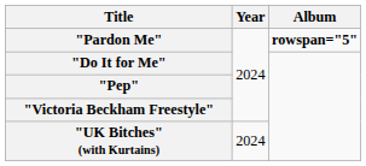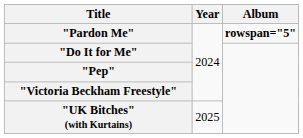 <table class="wikitable plainrowheaders" style="text-align:center;">
 <tr>
 <th scope="col" style="width:15em;">Title</th>
 <th scope="col">Year</th>
 <th scope="col">Album</th>
 </tr>
 <tr>
 <th scope="row">"Pardon Me"</th>
 <td rowspan="4">2024</td>
 <td><strong>rowspan="5" </strong></td>
 </tr>
 <tr>
 <th scope="row">"Do It for Me"</th>
 </tr>
 <tr>
 <th scope="row">"Pep"</th>
 </tr>
 <tr>
 <th scope="row">"Victoria Beckham Freestyle"</th>
 </tr>
 <tr>
 <th scope="row">"UK Bitches"<br><small>(with Kurtains)</small></th>
-<td>2024</td>
+<td>2025</td>
 </tr>
 </table>
